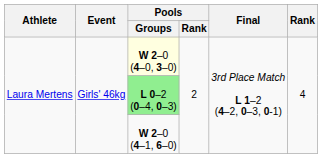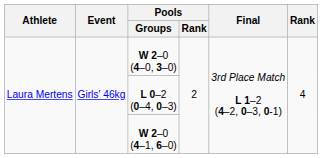 <table class="wikitable" style="text-align:left; font-size:90%">
 <tr>
 <th rowspan="2">Athlete</th>
 <th rowspan="2">Event</th>
 <th colspan="2">Pools</th>
 <th rowspan="2">Final</th>
 <th rowspan="2">Rank</th>
 </tr>
 <tr>
 <th>Groups</th>
 <th>Rank</th>
 </tr>
 <tr>
 <td rowspan="3"><a href='#'>Laura Mertens</a></td>
 <td rowspan="3"><a href='#'>Girls' 46kg</a></td>
-<td align=center style="background: lightyellow;"><br><strong>W</strong> <strong>2</strong>–0<br>(<strong>4</strong>–0, <strong>3</strong>–0)</td>
+<td align=center><br><strong>W</strong> <strong>2</strong>–0<br>(<strong>4</strong>–0, <strong>3</strong>–0)</td>
 <td rowspan="3" align=center>2</td>
 <td align=center rowspan=3><em>3rd Place Match</em><br><br><strong>L</strong> <strong>1</strong>–2<br>(<strong>4</strong>–2, <strong>0</strong>–3, <strong>0</strong>-1)</td>
 <td rowspan="3" align="center">4</td>
 </tr>
 <tr>
-<td align=center style="background: lightgreen;"><br><strong>L</strong> <strong>0</strong>–2<br>(<strong>0</strong>–4, <strong>0</strong>–3)</td>
+<td align=center><br><strong>L</strong> <strong>0</strong>–2<br>(<strong>0</strong>–4, <strong>0</strong>–3)</td>
 </tr>
 <tr>
 <td align=center><br><strong>W</strong> <strong>2</strong>–0<br>(<strong>4</strong>–1, <strong>6</strong>–0)</td>
 </tr>
 </table>
